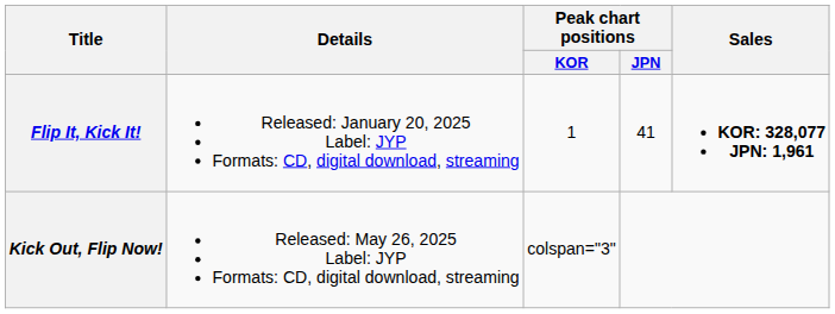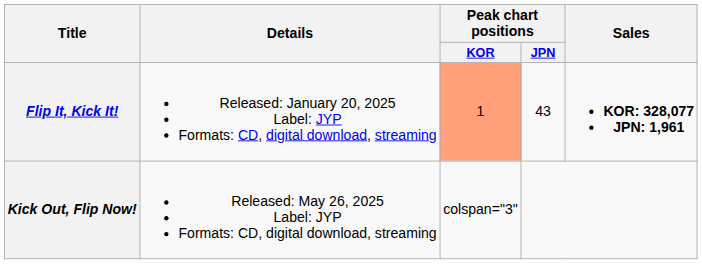 <table class="wikitable plainrowheaders" style="text-align:center">
 <tr>
 <th scope="col" rowspan="2">Title</th>
 <th scope="col" rowspan="2">Details</th>
 <th scope="col" colspan="2">Peak chart positions</th>
 <th scope="col" rowspan="2">Sales</th>
 </tr>
 <tr>
 <th scope="col" style="font-size:90%; width:3em"><a href='#'>KOR</a><br></th>
 <th scope="col" style="font-size:90%; width:3em"><a href='#'>JPN</a><br></th>
 </tr>
 <tr>
 <th scope="row"><em><a href='#'>Flip It, Kick It!</a></em></th>
 <td><br><ul><li>Released: January 20, 2025</li><li>Label: <a href='#'>JYP</a></li><li>Formats: <a href='#'>CD</a>, <a href='#'>digital download</a>, <a href='#'>streaming</a></li></ul></td>
-<td>1</td>
-<td>41</td>
+<td style="background: lightsalmon;">1</td>
+<td>43</td>
 <td><strong><br><ul><li>KOR: 328,077</li><li>JPN: 1,961</li></ul></strong></td>
 </tr>
 <tr>
 <th scope="row"><em>Kick Out, Flip Now!</em></th>
 <td><br><ul><li>Released: May 26, 2025</li><li>Label: JYP</li><li>Formats: CD, digital download, streaming</li></ul></td>
 <td>colspan="3" </td>
 </tr>
 </table>
